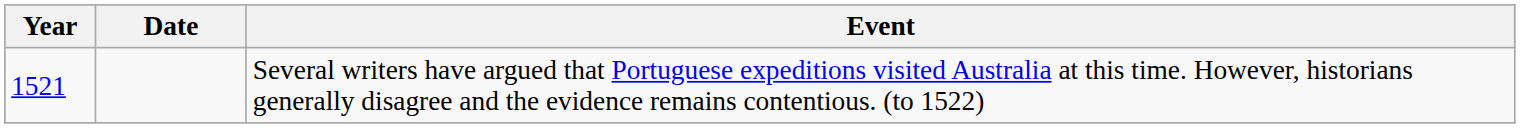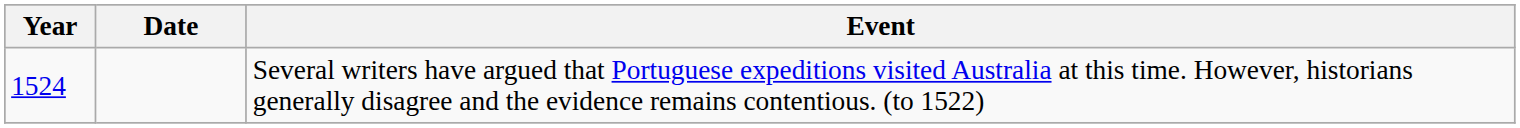 <table class="wikitable" style="width:100%">
 <tr>
 <th style="width:6%">Year</th>
 <th style="width:10%">Date</th>
 <th>Event</th>
 </tr>
 <tr>
-<td><a href='#'>1521</a></td>
+<td><a href='#'>1524</a></td>
 <td></td>
 <td>Several writers have argued that <a href='#'>Portuguese expeditions visited Australia</a> at this time. However, historians generally disagree and the evidence remains contentious. (to 1522)</td>
 </tr>
 </table>
